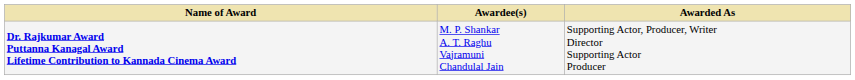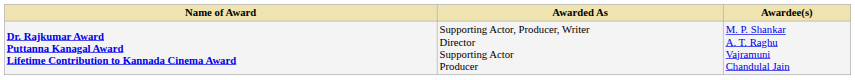 <table class="wikitable" style="width:100%;">
 <tr>
 <th style="background-color:#EFE4B0;">Name of Award</th>
+<th style="background-color:#EFE4B0;">Awarded As</th>
 <th style="background-color:#EFE4B0;">Awardee(s)</th>
-<th style="background-color:#EFE4B0;">Awarded As</th>
 </tr>
 <tr style="background-color:#F4F4F4">
 <td><strong><a href='#'>Dr. Rajkumar Award</a></strong><br><strong><a href='#'>Puttanna Kanagal Award</a></strong><br><strong><a href='#'>Lifetime Contribution to Kannada Cinema Award</a></strong></td>
+<td>Supporting Actor, Producer, Writer<br>Director<br>Supporting Actor<br>Producer</td>
 <td><a href='#'>M. P. Shankar</a><br><a href='#'>A. T. Raghu</a><br><a href='#'>Vajramuni</a><br><a href='#'>Chandulal Jain</a></td>
-<td>Supporting Actor, Producer, Writer<br>Director<br>Supporting Actor<br>Producer</td>
 </tr>
 </table>
